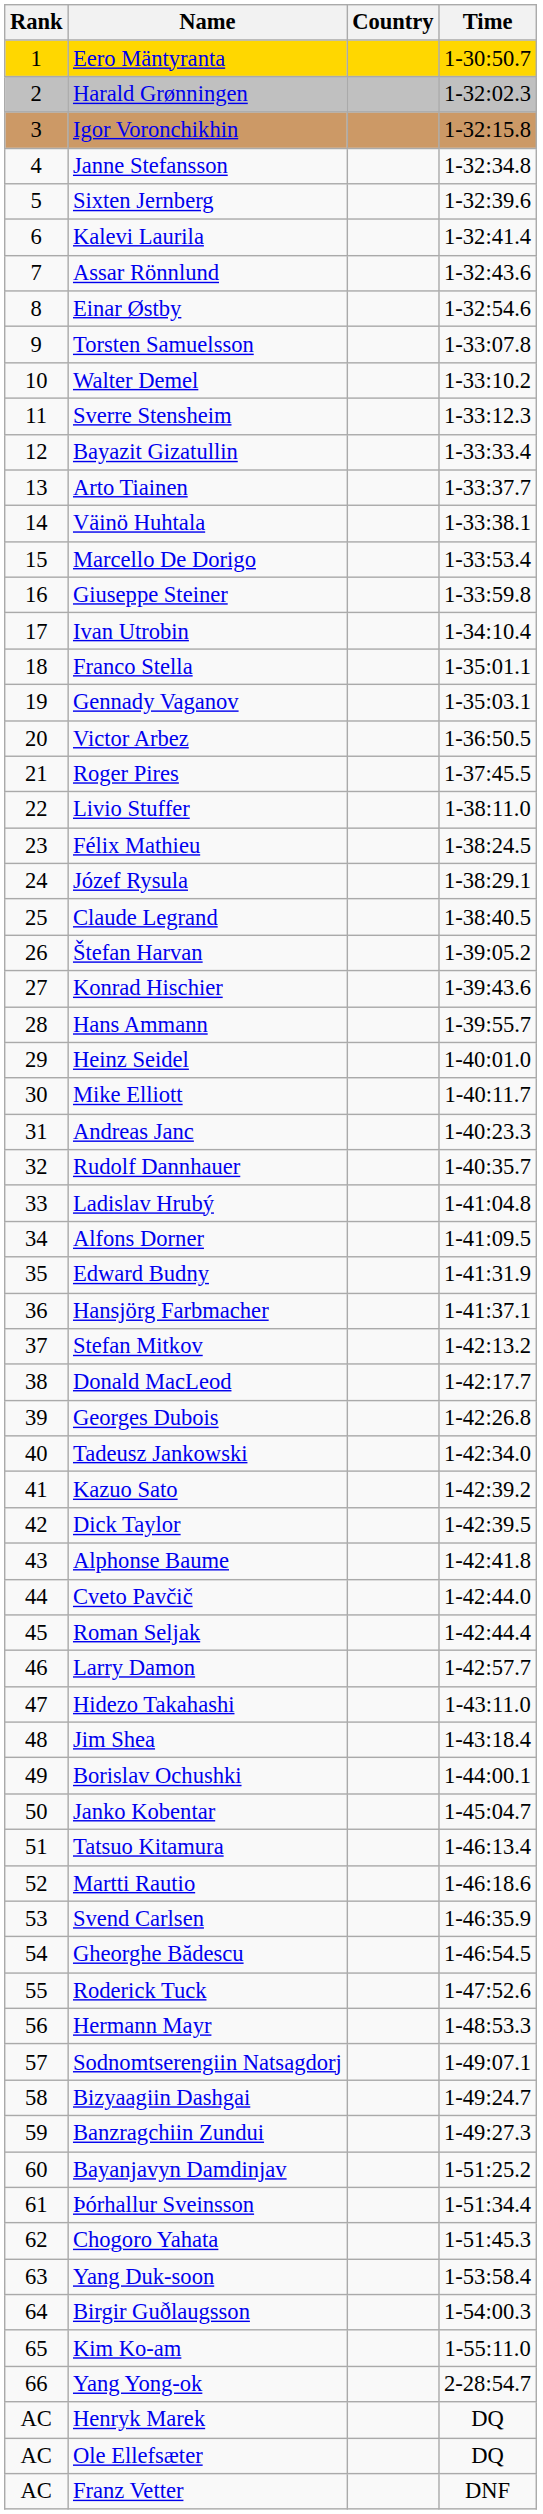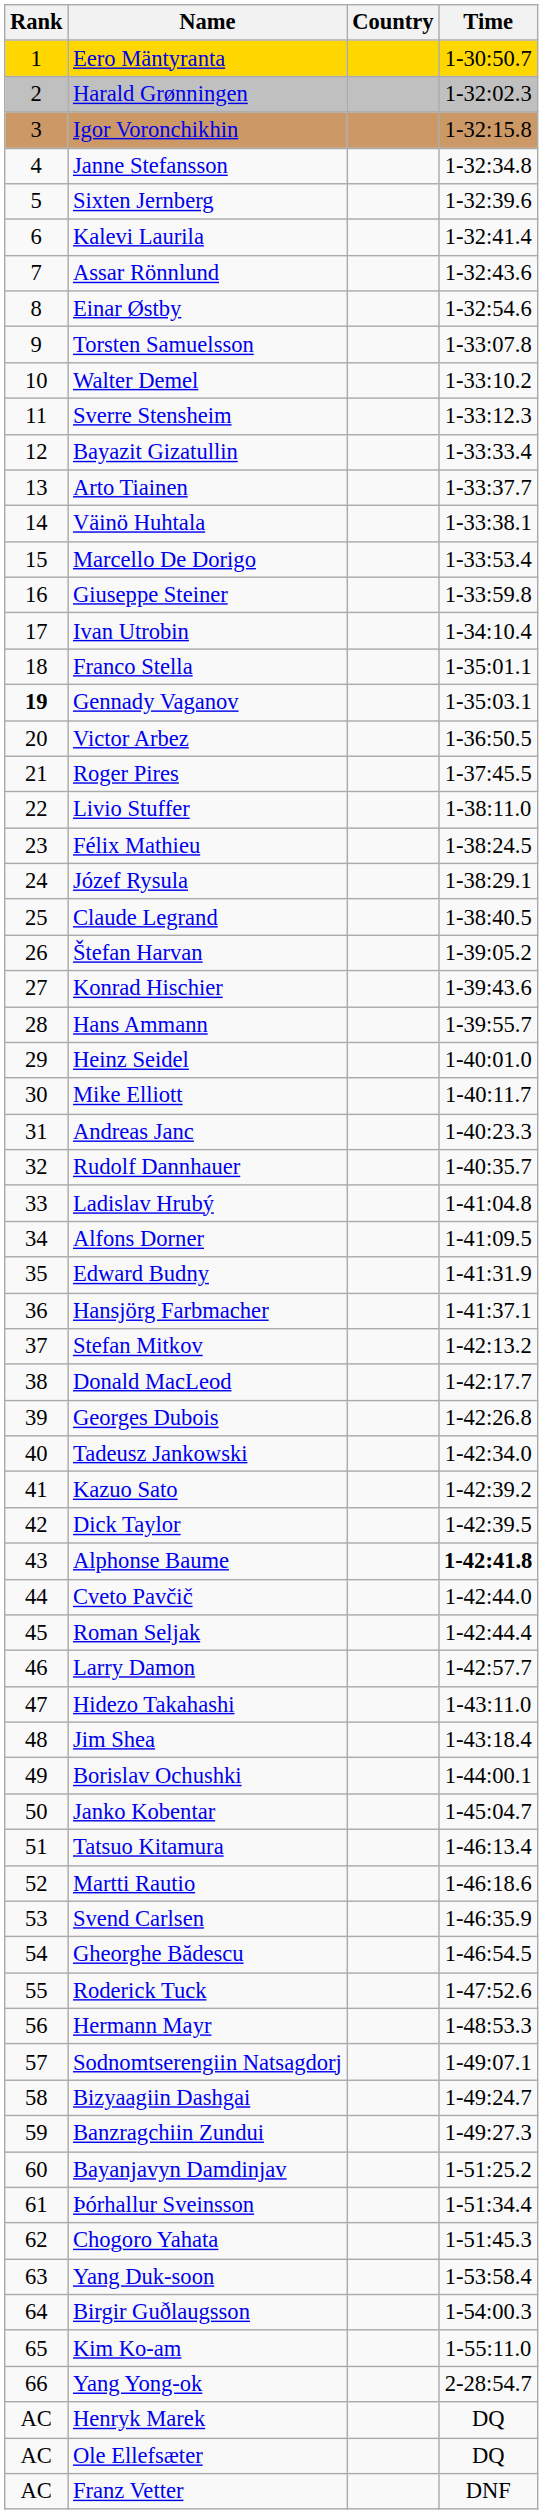 <table class="wikitable sortable" style="text-align:center">
 <tr>
 <th>Rank</th>
 <th>Name</th>
 <th>Country</th>
 <th>Time</th>
 </tr>
 <tr bgcolor=gold>
 <td>1</td>
 <td align="left"><a href='#'>Eero Mäntyranta</a></td>
 <td align="left"></td>
 <td>1-30:50.7</td>
 </tr>
 <tr bgcolor=silver>
 <td>2</td>
 <td align="left"><a href='#'>Harald Grønningen</a></td>
 <td align="left"></td>
 <td>1-32:02.3</td>
 </tr>
 <tr bgcolor=#CC9966>
 <td>3</td>
 <td align="left"><a href='#'>Igor Voronchikhin</a></td>
 <td align="left"></td>
 <td>1-32:15.8</td>
 </tr>
 <tr>
 <td>4</td>
 <td align="left"><a href='#'>Janne Stefansson</a></td>
 <td align="left"></td>
 <td>1-32:34.8</td>
 </tr>
 <tr>
 <td>5</td>
 <td align="left"><a href='#'>Sixten Jernberg</a></td>
 <td align="left"></td>
 <td>1-32:39.6</td>
 </tr>
 <tr>
 <td>6</td>
 <td align="left"><a href='#'>Kalevi Laurila</a></td>
 <td align="left"></td>
 <td>1-32:41.4</td>
 </tr>
 <tr>
 <td>7</td>
 <td align="left"><a href='#'>Assar Rönnlund</a></td>
 <td align="left"></td>
 <td>1-32:43.6</td>
 </tr>
 <tr>
 <td>8</td>
 <td align="left"><a href='#'>Einar Østby</a></td>
 <td align="left"></td>
 <td>1-32:54.6</td>
 </tr>
 <tr>
 <td>9</td>
 <td align="left"><a href='#'>Torsten Samuelsson</a></td>
 <td align="left"></td>
 <td>1-33:07.8</td>
 </tr>
 <tr>
 <td>10</td>
 <td align="left"><a href='#'>Walter Demel</a></td>
 <td align="left"></td>
 <td>1-33:10.2</td>
 </tr>
 <tr>
 <td>11</td>
 <td align="left"><a href='#'>Sverre Stensheim</a></td>
 <td align="left"></td>
 <td>1-33:12.3</td>
 </tr>
 <tr>
 <td>12</td>
 <td align="left"><a href='#'>Bayazit Gizatullin</a></td>
 <td align="left"></td>
 <td>1-33:33.4</td>
 </tr>
 <tr>
 <td>13</td>
 <td align="left"><a href='#'>Arto Tiainen</a></td>
 <td align="left"></td>
 <td>1-33:37.7</td>
 </tr>
 <tr>
 <td>14</td>
 <td align="left"><a href='#'>Väinö Huhtala</a></td>
 <td align="left"></td>
 <td>1-33:38.1</td>
 </tr>
 <tr>
 <td>15</td>
 <td align="left"><a href='#'>Marcello De Dorigo</a></td>
 <td align="left"></td>
 <td>1-33:53.4</td>
 </tr>
 <tr>
 <td>16</td>
 <td align="left"><a href='#'>Giuseppe Steiner</a></td>
 <td align="left"></td>
 <td>1-33:59.8</td>
 </tr>
 <tr>
 <td>17</td>
 <td align="left"><a href='#'>Ivan Utrobin</a></td>
 <td align="left"></td>
 <td>1-34:10.4</td>
 </tr>
 <tr>
 <td>18</td>
 <td align="left"><a href='#'>Franco Stella</a></td>
 <td align="left"></td>
 <td>1-35:01.1</td>
 </tr>
 <tr>
-<td>19</td>
+<td><strong>19</strong></td>
 <td align="left"><a href='#'>Gennady Vaganov</a></td>
 <td align="left"></td>
 <td>1-35:03.1</td>
 </tr>
 <tr>
 <td>20</td>
 <td align="left"><a href='#'>Victor Arbez</a></td>
 <td align="left"></td>
 <td>1-36:50.5</td>
 </tr>
 <tr>
 <td>21</td>
 <td align="left"><a href='#'>Roger Pires</a></td>
 <td align="left"></td>
 <td>1-37:45.5</td>
 </tr>
 <tr>
 <td>22</td>
 <td align="left"><a href='#'>Livio Stuffer</a></td>
 <td align="left"></td>
 <td>1-38:11.0</td>
 </tr>
 <tr>
 <td>23</td>
 <td align="left"><a href='#'>Félix Mathieu</a></td>
 <td align="left"></td>
 <td>1-38:24.5</td>
 </tr>
 <tr>
 <td>24</td>
 <td align="left"><a href='#'>Józef Rysula</a></td>
 <td align="left"></td>
 <td>1-38:29.1</td>
 </tr>
 <tr>
 <td>25</td>
 <td align="left"><a href='#'>Claude Legrand</a></td>
 <td align="left"></td>
 <td>1-38:40.5</td>
 </tr>
 <tr>
 <td>26</td>
 <td align="left"><a href='#'>Štefan Harvan</a></td>
 <td align="left"></td>
 <td>1-39:05.2</td>
 </tr>
 <tr>
 <td>27</td>
 <td align="left"><a href='#'>Konrad Hischier</a></td>
 <td align="left"></td>
 <td>1-39:43.6</td>
 </tr>
 <tr>
 <td>28</td>
 <td align="left"><a href='#'>Hans Ammann</a></td>
 <td align="left"></td>
 <td>1-39:55.7</td>
 </tr>
 <tr>
 <td>29</td>
 <td align="left"><a href='#'>Heinz Seidel</a></td>
 <td align="left"></td>
 <td>1-40:01.0</td>
 </tr>
 <tr>
 <td>30</td>
 <td align="left"><a href='#'>Mike Elliott</a></td>
 <td align="left"></td>
 <td>1-40:11.7</td>
 </tr>
 <tr>
 <td>31</td>
 <td align="left"><a href='#'>Andreas Janc</a></td>
 <td align="left"></td>
 <td>1-40:23.3</td>
 </tr>
 <tr>
 <td>32</td>
 <td align="left"><a href='#'>Rudolf Dannhauer</a></td>
 <td align="left"></td>
 <td>1-40:35.7</td>
 </tr>
 <tr>
 <td>33</td>
 <td align="left"><a href='#'>Ladislav Hrubý</a></td>
 <td align="left"></td>
 <td>1-41:04.8</td>
 </tr>
 <tr>
 <td>34</td>
 <td align="left"><a href='#'>Alfons Dorner</a></td>
 <td align="left"></td>
 <td>1-41:09.5</td>
 </tr>
 <tr>
 <td>35</td>
 <td align="left"><a href='#'>Edward Budny</a></td>
 <td align="left"></td>
 <td>1-41:31.9</td>
 </tr>
 <tr>
 <td>36</td>
 <td align="left"><a href='#'>Hansjörg Farbmacher</a></td>
 <td align="left"></td>
 <td>1-41:37.1</td>
 </tr>
 <tr>
 <td>37</td>
 <td align="left"><a href='#'>Stefan Mitkov</a></td>
 <td align="left"></td>
 <td>1-42:13.2</td>
 </tr>
 <tr>
 <td>38</td>
 <td align="left"><a href='#'>Donald MacLeod</a></td>
 <td align="left"></td>
 <td>1-42:17.7</td>
 </tr>
 <tr>
 <td>39</td>
 <td align="left"><a href='#'>Georges Dubois</a></td>
 <td align="left"></td>
 <td>1-42:26.8</td>
 </tr>
 <tr>
 <td>40</td>
 <td align="left"><a href='#'>Tadeusz Jankowski</a></td>
 <td align="left"></td>
 <td>1-42:34.0</td>
 </tr>
 <tr>
 <td>41</td>
 <td align="left"><a href='#'>Kazuo Sato</a></td>
 <td align="left"></td>
 <td>1-42:39.2</td>
 </tr>
 <tr>
 <td>42</td>
 <td align="left"><a href='#'>Dick Taylor</a></td>
 <td align="left"></td>
 <td>1-42:39.5</td>
 </tr>
 <tr>
 <td>43</td>
 <td align="left"><a href='#'>Alphonse Baume</a></td>
 <td align="left"></td>
-<td>1-42:41.8</td>
+<td><strong>1-42:41.8</strong></td>
 </tr>
 <tr>
 <td>44</td>
 <td align="left"><a href='#'>Cveto Pavčič</a></td>
 <td align="left"></td>
 <td>1-42:44.0</td>
 </tr>
 <tr>
 <td>45</td>
 <td align="left"><a href='#'>Roman Seljak</a></td>
 <td align="left"></td>
 <td>1-42:44.4</td>
 </tr>
 <tr>
 <td>46</td>
 <td align="left"><a href='#'>Larry Damon</a></td>
 <td align="left"></td>
 <td>1-42:57.7</td>
 </tr>
 <tr>
 <td>47</td>
 <td align="left"><a href='#'>Hidezo Takahashi</a></td>
 <td align="left"></td>
 <td>1-43:11.0</td>
 </tr>
 <tr>
 <td>48</td>
 <td align="left"><a href='#'>Jim Shea</a></td>
 <td align="left"></td>
 <td>1-43:18.4</td>
 </tr>
 <tr>
 <td>49</td>
 <td align="left"><a href='#'>Borislav Ochushki</a></td>
 <td align="left"></td>
 <td>1-44:00.1</td>
 </tr>
 <tr>
 <td>50</td>
 <td align="left"><a href='#'>Janko Kobentar</a></td>
 <td align="left"></td>
 <td>1-45:04.7</td>
 </tr>
 <tr>
 <td>51</td>
 <td align="left"><a href='#'>Tatsuo Kitamura</a></td>
 <td align="left"></td>
 <td>1-46:13.4</td>
 </tr>
 <tr>
 <td>52</td>
 <td align="left"><a href='#'>Martti Rautio</a></td>
 <td align="left"></td>
 <td>1-46:18.6</td>
 </tr>
 <tr>
 <td>53</td>
 <td align="left"><a href='#'>Svend Carlsen</a></td>
 <td align="left"></td>
 <td>1-46:35.9</td>
 </tr>
 <tr>
 <td>54</td>
 <td align="left"><a href='#'>Gheorghe Bădescu</a></td>
 <td align="left"></td>
 <td>1-46:54.5</td>
 </tr>
 <tr>
 <td>55</td>
 <td align="left"><a href='#'>Roderick Tuck</a></td>
 <td align="left"></td>
 <td>1-47:52.6</td>
 </tr>
 <tr>
 <td>56</td>
 <td align="left"><a href='#'>Hermann Mayr</a></td>
 <td align="left"></td>
 <td>1-48:53.3</td>
 </tr>
 <tr>
 <td>57</td>
 <td align="left"><a href='#'>Sodnomtserengiin Natsagdorj</a></td>
 <td align="left"></td>
 <td>1-49:07.1</td>
 </tr>
 <tr>
 <td>58</td>
 <td align="left"><a href='#'>Bizyaagiin Dashgai</a></td>
 <td align="left"></td>
 <td>1-49:24.7</td>
 </tr>
 <tr>
 <td>59</td>
 <td align="left"><a href='#'>Banzragchiin Zundui</a></td>
 <td align="left"></td>
 <td>1-49:27.3</td>
 </tr>
 <tr>
 <td>60</td>
 <td align="left"><a href='#'>Bayanjavyn Damdinjav</a></td>
 <td align="left"></td>
 <td>1-51:25.2</td>
 </tr>
 <tr>
 <td>61</td>
 <td align="left"><a href='#'>Þórhallur Sveinsson</a></td>
 <td align="left"></td>
 <td>1-51:34.4</td>
 </tr>
 <tr>
 <td>62</td>
 <td align="left"><a href='#'>Chogoro Yahata</a></td>
 <td align="left"></td>
 <td>1-51:45.3</td>
 </tr>
 <tr>
 <td>63</td>
 <td align="left"><a href='#'>Yang Duk-soon</a></td>
 <td align="left"></td>
 <td>1-53:58.4</td>
 </tr>
 <tr>
 <td>64</td>
 <td align="left"><a href='#'>Birgir Guðlaugsson</a></td>
 <td align="left"></td>
 <td>1-54:00.3</td>
 </tr>
 <tr>
 <td>65</td>
 <td align="left"><a href='#'>Kim Ko-am</a></td>
 <td align="left"></td>
 <td>1-55:11.0</td>
 </tr>
 <tr>
 <td>66</td>
 <td align="left"><a href='#'>Yang Yong-ok</a></td>
 <td align="left"></td>
 <td>2-28:54.7</td>
 </tr>
 <tr>
 <td>AC</td>
 <td align="left"><a href='#'>Henryk Marek</a></td>
 <td align="left"></td>
 <td>DQ</td>
 </tr>
 <tr>
 <td>AC</td>
 <td align="left"><a href='#'>Ole Ellefsæter</a></td>
 <td align="left"></td>
 <td>DQ</td>
 </tr>
 <tr>
 <td>AC</td>
 <td align="left"><a href='#'>Franz Vetter</a></td>
 <td align="left"></td>
 <td>DNF</td>
 </tr>
 </table>
